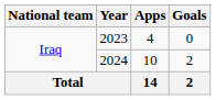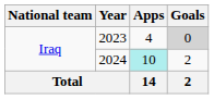 <table class="wikitable" style="text-align:center">
 <tr>
 <th>National team</th>
 <th>Year</th>
 <th>Apps</th>
 <th>Goals</th>
 </tr>
 <tr>
 <td rowspan="2"><a href='#'>Iraq</a></td>
 <td>2023</td>
 <td>4</td>
-<td>0</td>
+<td style="background: lightgrey;">0</td>
 </tr>
 <tr>
 <td>2024</td>
-<td>10</td>
+<td style="background: paleturquoise;">10</td>
 <td>2</td>
 </tr>
 <tr>
 <th colspan="2">Total</th>
 <th>14</th>
 <th>2</th>
 </tr>
 </table>
